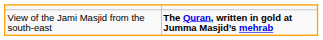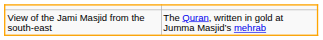 <table class="wikitable" align="right" width="30%" style="font-size:90%; border:2px solid orange;">
 <tr>
 <td width="40%" align="center" valign="center"></td>
 <td width="40%" align="center" valign="center"></td>
 </tr>
 <tr>
 <td valign="top">View of the Jami Masjid from the south-east</td>
-<td valign="top"><strong>The <a href='#'>Quran</a>, written in gold at Jumma Masjid’s  <a href='#'>mehrab</a></strong></td>
+<td valign="top">The <a href='#'>Quran</a>, written in gold at Jumma Masjid’s  <a href='#'>mehrab</a></td>
 </tr>
 <tr>
 </tr>
 </table>
